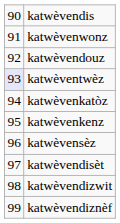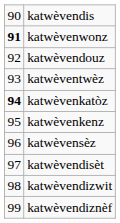 <table class="wikitable" style="float:left; margin-right:0.5em">
 <tr>
 <td>90</td>
 <td>katwèvendis</td>
 </tr>
 <tr>
-<td>91</td>
+<td><strong>91</strong></td>
 <td>katwèvenwonz</td>
 </tr>
 <tr>
 <td>92</td>
 <td>katwèvendouz</td>
 </tr>
 <tr>
-<td style="background: lavender;">93</td>
+<td>93</td>
 <td>katwèventwèz</td>
 </tr>
 <tr>
-<td>94</td>
+<td><strong>94</strong></td>
 <td>katwèvenkatòz</td>
 </tr>
 <tr>
 <td>95</td>
 <td>katwèvenkenz</td>
 </tr>
 <tr>
 <td>96</td>
 <td>katwèvensèz</td>
 </tr>
 <tr>
 <td>97</td>
 <td>katwèvendisèt</td>
 </tr>
 <tr>
 <td>98</td>
 <td>katwèvendizwit</td>
 </tr>
 <tr>
 <td>99</td>
 <td>katwèvendiznèf</td>
 </tr>
 </table>
